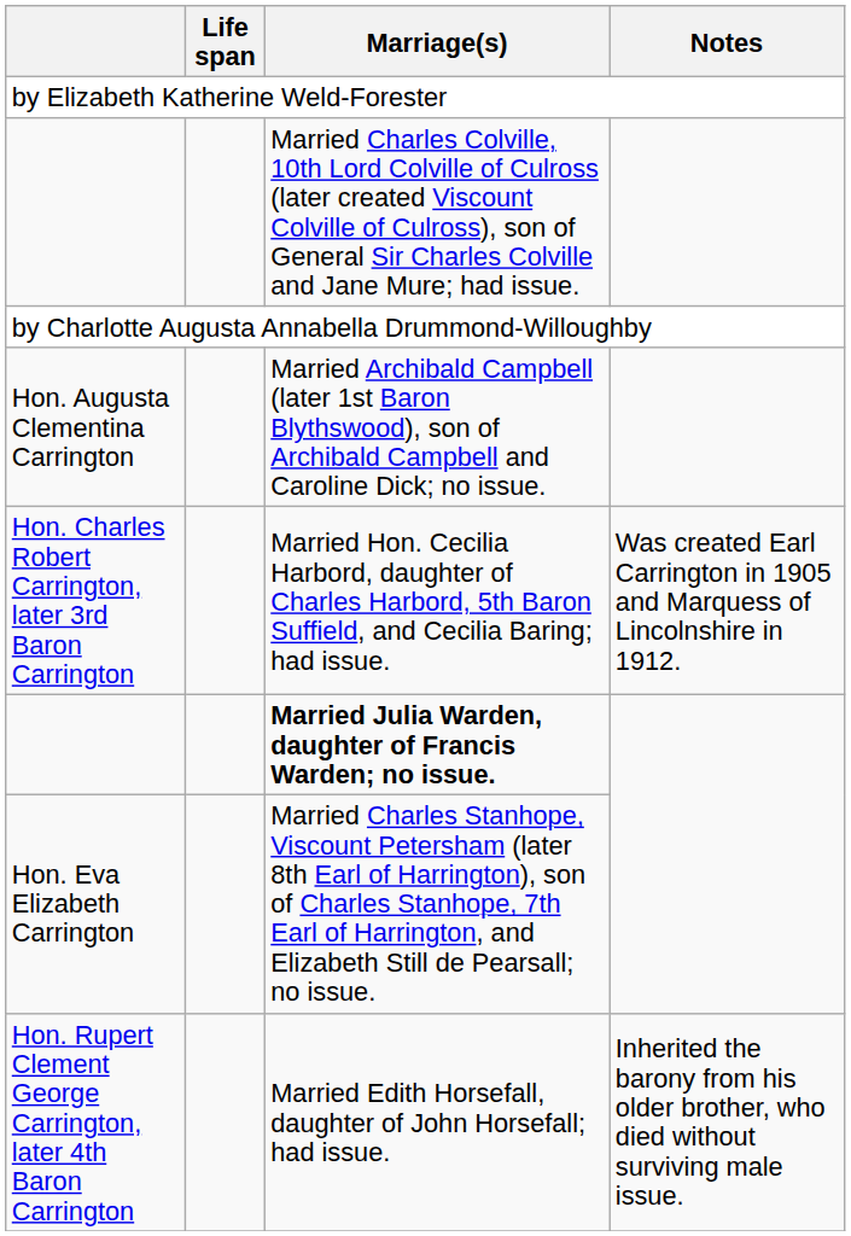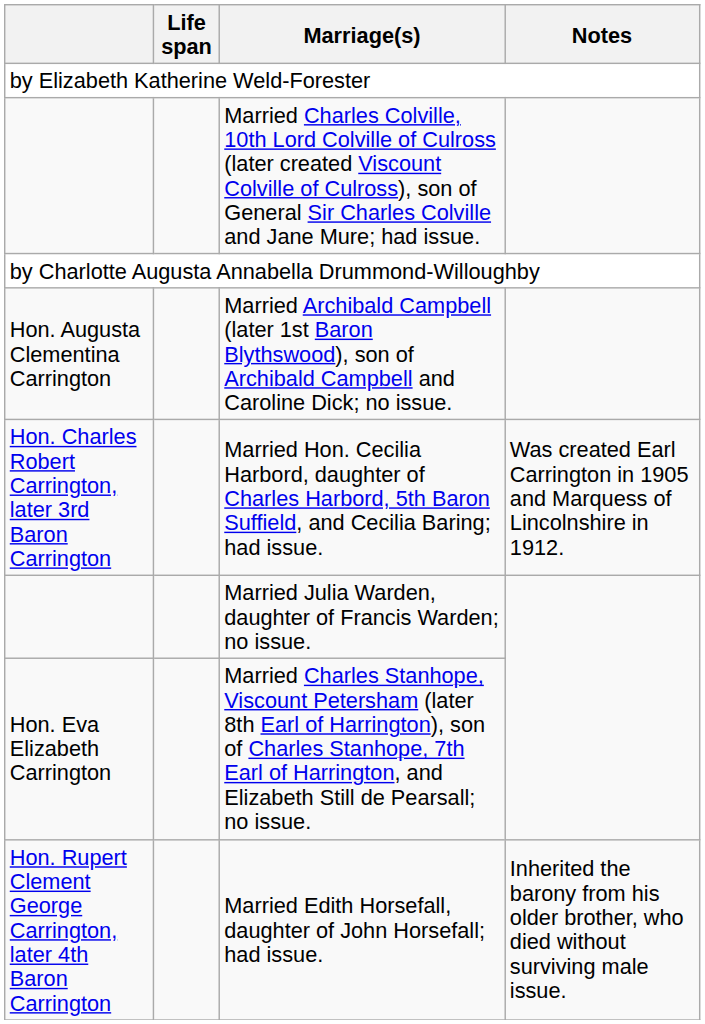 <table class=wikitable style="font-size: 95%;width: 78%;">
 <tr>
 <th></th>
 <th>Life span</th>
 <th>Marriage(s)</th>
 <th>Notes</th>
 </tr>
 <tr>
 <td colspan=4 bgcolor=white>by Elizabeth Katherine Weld-Forester</td>
 </tr>
 <tr>
 <td></td>
 <td></td>
 <td>Married <a href='#'>Charles Colville, 10th Lord Colville of Culross</a> (later created <a href='#'>Viscount Colville of Culross</a>), son of General <a href='#'>Sir Charles Colville</a> and Jane Mure; had issue.</td>
 <td></td>
 </tr>
 <tr>
 <td colspan=4 bgcolor=white>by Charlotte Augusta Annabella Drummond-Willoughby</td>
 </tr>
 <tr>
 <td>Hon. Augusta Clementina Carrington</td>
 <td></td>
 <td>Married <a href='#'>Archibald Campbell</a> (later 1st <a href='#'>Baron Blythswood</a>), son of <a href='#'>Archibald Campbell</a> and Caroline Dick; no issue.</td>
 <td></td>
 </tr>
 <tr>
 <td><a href='#'>Hon. Charles Robert Carrington,<br>later 3rd Baron Carrington</a></td>
 <td></td>
 <td>Married Hon. Cecilia Harbord, daughter of <a href='#'>Charles Harbord, 5th Baron Suffield</a>, and Cecilia Baring; had issue.</td>
 <td>Was created Earl Carrington in 1905 and Marquess of Lincolnshire in 1912.</td>
 </tr>
 <tr>
 <td></td>
 <td></td>
-<td><strong>Married Julia Warden, daughter of Francis Warden; no issue.</strong></td>
+<td>Married Julia Warden, daughter of Francis Warden; no issue.</td>
 <td rowspan=2></td>
 </tr>
 <tr>
 <td>Hon. Eva Elizabeth Carrington</td>
 <td></td>
 <td>Married <a href='#'>Charles Stanhope, Viscount Petersham</a> (later 8th <a href='#'>Earl of Harrington</a>), son of <a href='#'>Charles Stanhope, 7th Earl of Harrington</a>, and Elizabeth Still de Pearsall; no issue.</td>
 </tr>
 <tr>
 <td><a href='#'>Hon. Rupert Clement George Carrington,<br>later 4th Baron Carrington</a></td>
 <td></td>
 <td>Married Edith Horsefall, daughter of John Horsefall; had issue.</td>
 <td>Inherited the barony from his older brother, who died without surviving male issue.</td>
 </tr>
 </table>
